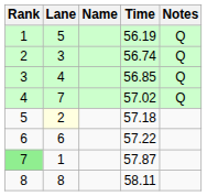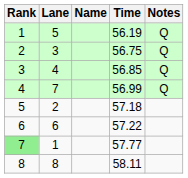 <table class="wikitable sortable" style="text-align:center">
 <tr>
 <th>Rank</th>
 <th>Lane</th>
 <th>Name</th>
 <th>Time</th>
 <th>Notes</th>
 </tr>
 <tr bgcolor=ccffcc>
 <td>1</td>
 <td>5</td>
 <td align=left></td>
 <td>56.19</td>
 <td>Q</td>
 </tr>
 <tr bgcolor=ccffcc>
 <td>2</td>
 <td>3</td>
 <td align=left></td>
-<td>56.74</td>
+<td>56.75</td>
 <td>Q</td>
 </tr>
 <tr bgcolor=ccffcc>
 <td>3</td>
 <td>4</td>
 <td align=left></td>
 <td>56.85</td>
 <td>Q</td>
 </tr>
 <tr bgcolor=ccffcc>
 <td>4</td>
 <td>7</td>
 <td align=left></td>
-<td>57.02</td>
+<td>56.99</td>
 <td>Q</td>
 </tr>
 <tr>
 <td>5</td>
-<td style="background: lightyellow;">2</td>
+<td>2</td>
 <td align=left></td>
 <td>57.18</td>
 <td></td>
 </tr>
 <tr>
 <td>6</td>
 <td>6</td>
 <td align=left></td>
 <td>57.22</td>
 <td></td>
 </tr>
 <tr>
 <td style="background: lightgreen;">7</td>
 <td>1</td>
 <td align=left></td>
-<td>57.87</td>
+<td>57.77</td>
 <td></td>
 </tr>
 <tr>
 <td>8</td>
 <td>8</td>
 <td align=left></td>
 <td>58.11</td>
 <td></td>
 </tr>
 </table>
